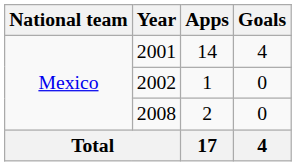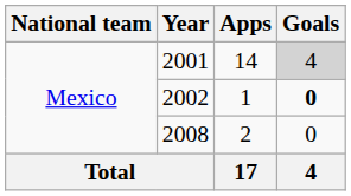 <table class="wikitable" style="text-align: center;">
 <tr>
 <th>National team</th>
 <th>Year</th>
 <th>Apps</th>
 <th>Goals</th>
 </tr>
 <tr>
 <td rowspan="3" valign="center"><a href='#'>Mexico</a></td>
 <td>2001</td>
 <td>14</td>
-<td>4</td>
+<td style="background: lightgrey;">4</td>
 </tr>
 <tr>
 <td>2002</td>
 <td>1</td>
-<td>0</td>
+<td><strong>0</strong></td>
 </tr>
 <tr>
 <td>2008</td>
 <td>2</td>
 <td>0</td>
 </tr>
 <tr>
 <th colspan="2">Total</th>
 <th>17</th>
 <th>4</th>
 </tr>
 </table>
